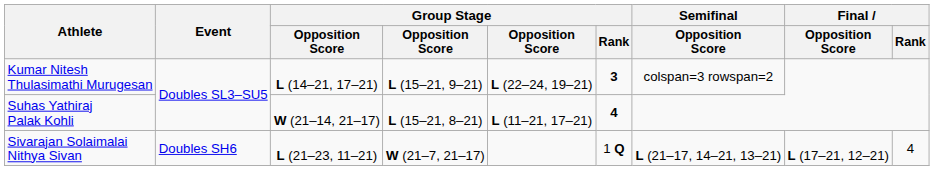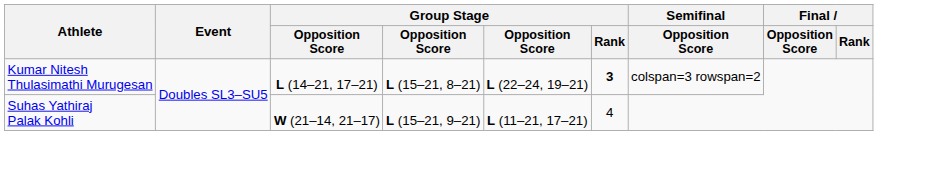 <table class="wikitable" style="font-size:90%; text-align:center">
 <tr>
 <th rowspan=2>Athlete</th>
 <th rowspan=2>Event</th>
 <th colspan=4>Group Stage</th>
 <th>Semifinal</th>
 <th colspan=2>Final / </th>
 </tr>
 <tr style="font-size:95%">
 <th>Opposition<br>Score</th>
 <th>Opposition<br>Score</th>
 <th>Opposition<br>Score</th>
 <th>Rank</th>
 <th>Opposition<br>Score</th>
 <th>Opposition<br>Score</th>
 <th>Rank</th>
 </tr>
 <tr>
 <td align=left><a href='#'>Kumar Nitesh</a> <br> <a href='#'>Thulasimathi Murugesan</a></td>
 <td rowspan="2" align="left"><a href='#'>Doubles SL3–SU5</a></td>
 <td> <br> <strong>L</strong> (14–21, 17–21)</td>
-<td> <br> <strong>L</strong> (15–21, 9–21)</td>
+<td> <br> <strong>L</strong> (15–21, 8–21)</td>
 <td> <br> <strong>L</strong> (22–24, 19–21)</td>
 <td><strong>3</strong></td>
 <td>colspan=3 rowspan=2 </td>
 </tr>
 <tr>
 <td align=left><a href='#'>Suhas Yathiraj</a> <br> <a href='#'>Palak Kohli</a></td>
 <td> <br> <strong>W</strong> (21–14, 21–17)</td>
-<td> <br> <strong>L</strong> (15–21, 8–21)</td>
+<td> <br> <strong>L</strong> (15–21, 9–21)</td>
 <td> <br> <strong>L</strong> (11–21, 17–21)</td>
-<td><strong>4</strong></td>
-</tr>
-<tr>
-<td align=left><a href='#'>Sivarajan Solaimalai</a> <br> <a href='#'>Nithya Sivan</a></td>
-<td align=left><a href='#'>Doubles SH6</a></td>
-<td> <br> <strong>L</strong> (21–23, 11–21)</td>
-<td> <br> <strong>W</strong> (21–7, 21–17)</td>
-<td></td>
-<td>1 <strong>Q</strong></td>
-<td> <br> <strong>L</strong> (21–17, 14–21, 13–21)</td>
-<td> <br> <strong>L</strong> (17–21, 12–21)</td>
 <td>4</td>
 </tr>
 </table>
